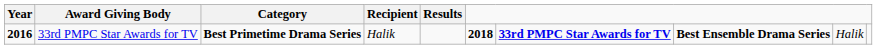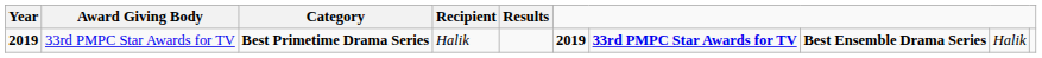 <table class="wikitable">
 <tr>
 <th>Year</th>
 <th>Award Giving Body</th>
 <th>Category</th>
 <th>Recipient</th>
 <th>Results</th>
 </tr>
 <tr>
-<td><strong>2016</strong></td>
+<td><strong>2019</strong></td>
 <td><a href='#'>33rd PMPC Star Awards for TV</a></td>
 <td><strong>Best Primetime Drama Series</strong></td>
 <td><em>Halik</em></td>
 <td></td>
-<td><strong>2018</strong></td>
+<td><strong>2019</strong></td>
 <td><strong><a href='#'>33rd PMPC Star Awards for TV</a></strong></td>
 <td><strong>Best Ensemble Drama Series</strong></td>
 <td><em>Halik</em></td>
 <td></td>
 </tr>
 </table>
